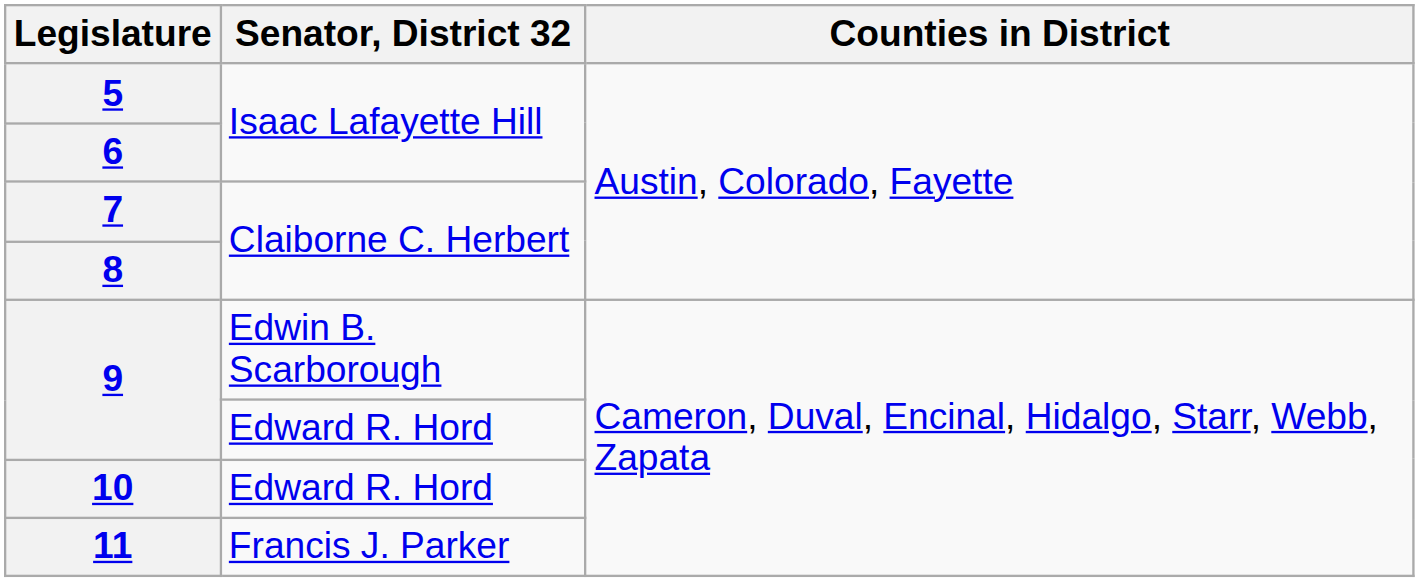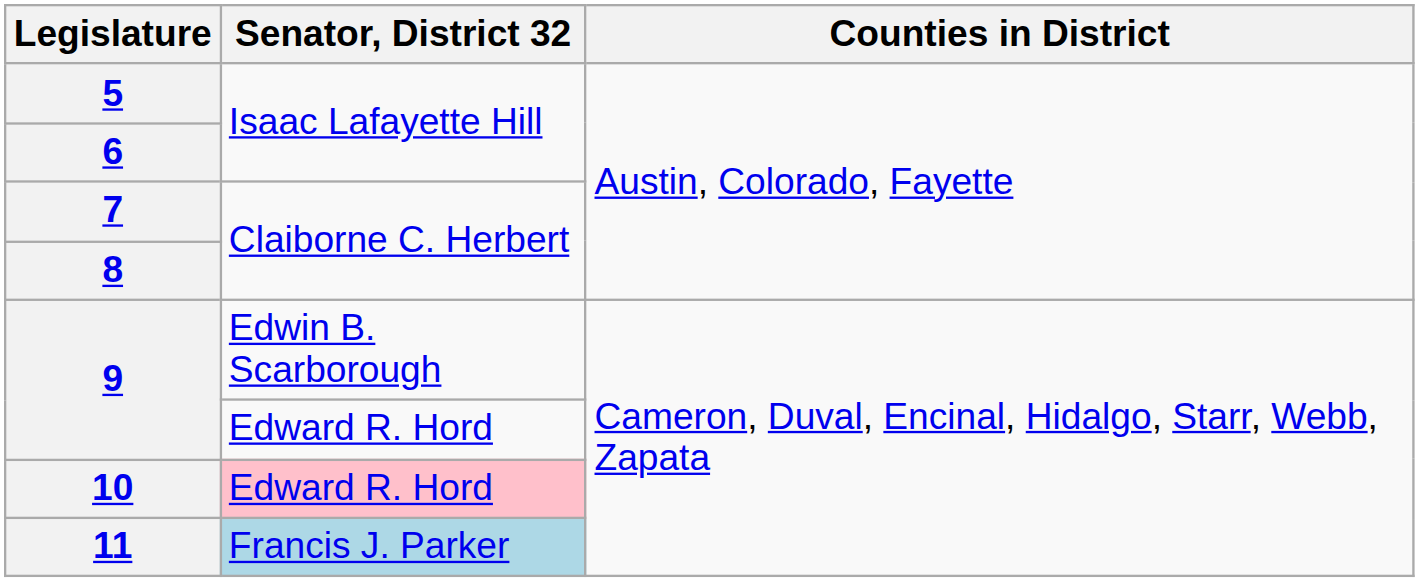 <table class="wikitable">
 <tr>
 <th>Legislature</th>
 <th>Senator, District 32</th>
 <th>Counties in District</th>
 </tr>
 <tr>
 <th><a href='#'>5</a></th>
 <td rowspan=2><a href='#'>Isaac Lafayette Hill</a></td>
 <td rowspan=4><a href='#'>Austin</a>, <a href='#'>Colorado</a>, <a href='#'>Fayette</a></td>
 </tr>
 <tr>
 <th><a href='#'>6</a></th>
 </tr>
 <tr>
 <th><a href='#'>7</a></th>
 <td rowspan=2><a href='#'>Claiborne C. Herbert</a></td>
 </tr>
 <tr>
 <th><a href='#'>8</a></th>
 </tr>
 <tr>
 <th rowspan=2><a href='#'>9</a></th>
 <td><a href='#'>Edwin B. Scarborough</a></td>
 <td rowspan=4><a href='#'>Cameron</a>, <a href='#'>Duval</a>, <a href='#'>Encinal</a>, <a href='#'>Hidalgo</a>, <a href='#'>Starr</a>, <a href='#'>Webb</a>, <a href='#'>Zapata</a></td>
 </tr>
 <tr>
 <td><a href='#'>Edward R. Hord</a></td>
 </tr>
 <tr>
 <th><a href='#'>10</a></th>
-<td><a href='#'>Edward R. Hord</a></td>
+<td style="background: pink;"><a href='#'>Edward R. Hord</a></td>
 </tr>
 <tr>
 <th><a href='#'>11</a></th>
-<td><a href='#'>Francis J. Parker</a></td>
+<td style="background: lightblue;"><a href='#'>Francis J. Parker</a></td>
 </tr>
 </table>
